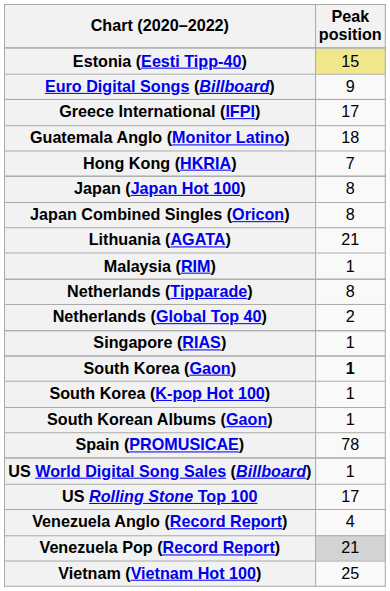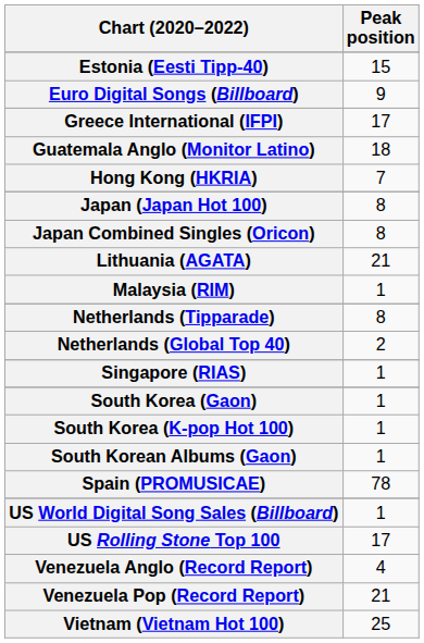 <table class="wikitable sortable plainrowheaders" style="text-align:center">
 <tr>
 <th scope="col">Chart (2020–2022)</th>
 <th scope="col">Peak<br>position</th>
 </tr>
 <tr>
 </tr>
 <tr>
 </tr>
 <tr>
 </tr>
 <tr>
 </tr>
 <tr>
 </tr>
 <tr>
 <th scope="row">Estonia (<a href='#'>Eesti Tipp-40</a>)</th>
-<td style="background: khaki;">15</td>
+<td>15</td>
 </tr>
 <tr>
 <th scope="row"><a href='#'>Euro Digital Songs</a> (<em><a href='#'>Billboard</a></em>)</th>
 <td>9</td>
 </tr>
 <tr>
 </tr>
 <tr>
 </tr>
 <tr>
 </tr>
 <tr>
 <th scope="row">Greece International (<a href='#'>IFPI</a>)</th>
 <td>17</td>
 </tr>
 <tr>
 <th scope="row">Guatemala Anglo (<a href='#'>Monitor Latino</a>)</th>
 <td>18</td>
 </tr>
 <tr>
 <th scope="row">Hong Kong (<a href='#'>HKRIA</a>)</th>
 <td style="text-align:center;">7</td>
 </tr>
 <tr>
 </tr>
 <tr>
 </tr>
 <tr>
 </tr>
 <tr>
 <th scope="row">Japan (<a href='#'>Japan Hot 100</a>)</th>
 <td>8</td>
 </tr>
 <tr>
 <th scope="row">Japan Combined Singles (<a href='#'>Oricon</a>)</th>
 <td>8</td>
 </tr>
 <tr>
 <th scope="row">Lithuania (<a href='#'>AGATA</a>)</th>
 <td>21</td>
 </tr>
 <tr>
 <th scope="row">Malaysia (<a href='#'>RIM</a>)</th>
 <td>1</td>
 </tr>
 <tr>
 </tr>
 <tr>
 <th scope="row">Netherlands (<a href='#'>Tipparade</a>)</th>
 <td>8</td>
 </tr>
 <tr>
 <th scope="row">Netherlands (<a href='#'>Global Top 40</a>)</th>
 <td>2</td>
 </tr>
 <tr>
 </tr>
 <tr>
 </tr>
 <tr>
 </tr>
 <tr>
 <th scope="row">Singapore (<a href='#'>RIAS</a>)</th>
 <td>1</td>
 </tr>
 <tr>
 </tr>
 <tr>
 <th scope="row">South Korea (<a href='#'>Gaon</a>)</th>
-<td><strong>1</strong></td>
+<td>1</td>
 </tr>
 <tr>
 <th scope="row">South Korea (<a href='#'>K-pop Hot 100</a>)</th>
 <td>1</td>
 </tr>
 <tr>
 <th scope="row">South Korean Albums (<a href='#'>Gaon</a>)</th>
 <td>1</td>
 </tr>
 <tr>
 <th scope="row">Spain (<a href='#'>PROMUSICAE</a>)</th>
 <td>78</td>
 </tr>
 <tr>
 </tr>
 <tr>
 </tr>
 <tr>
 </tr>
 <tr>
 </tr>
 <tr>
 <th scope="row">US <a href='#'>World Digital Song Sales</a> (<em><a href='#'>Billboard</a></em>)</th>
 <td>1</td>
 </tr>
 <tr>
 <th scope="row">US <a href='#'><em>Rolling Stone</em> Top 100</a></th>
 <td>17</td>
 </tr>
 <tr>
 <th scope="row">Venezuela Anglo (<a href='#'>Record Report</a>)</th>
 <td>4</td>
 </tr>
 <tr>
 <th scope="row">Venezuela Pop (<a href='#'>Record Report</a>)</th>
-<td style="background: lightgrey;">21</td>
+<td>21</td>
 </tr>
 <tr>
 <th scope="row">Vietnam (<a href='#'>Vietnam Hot 100</a>)</th>
 <td>25</td>
 </tr>
 </table>
